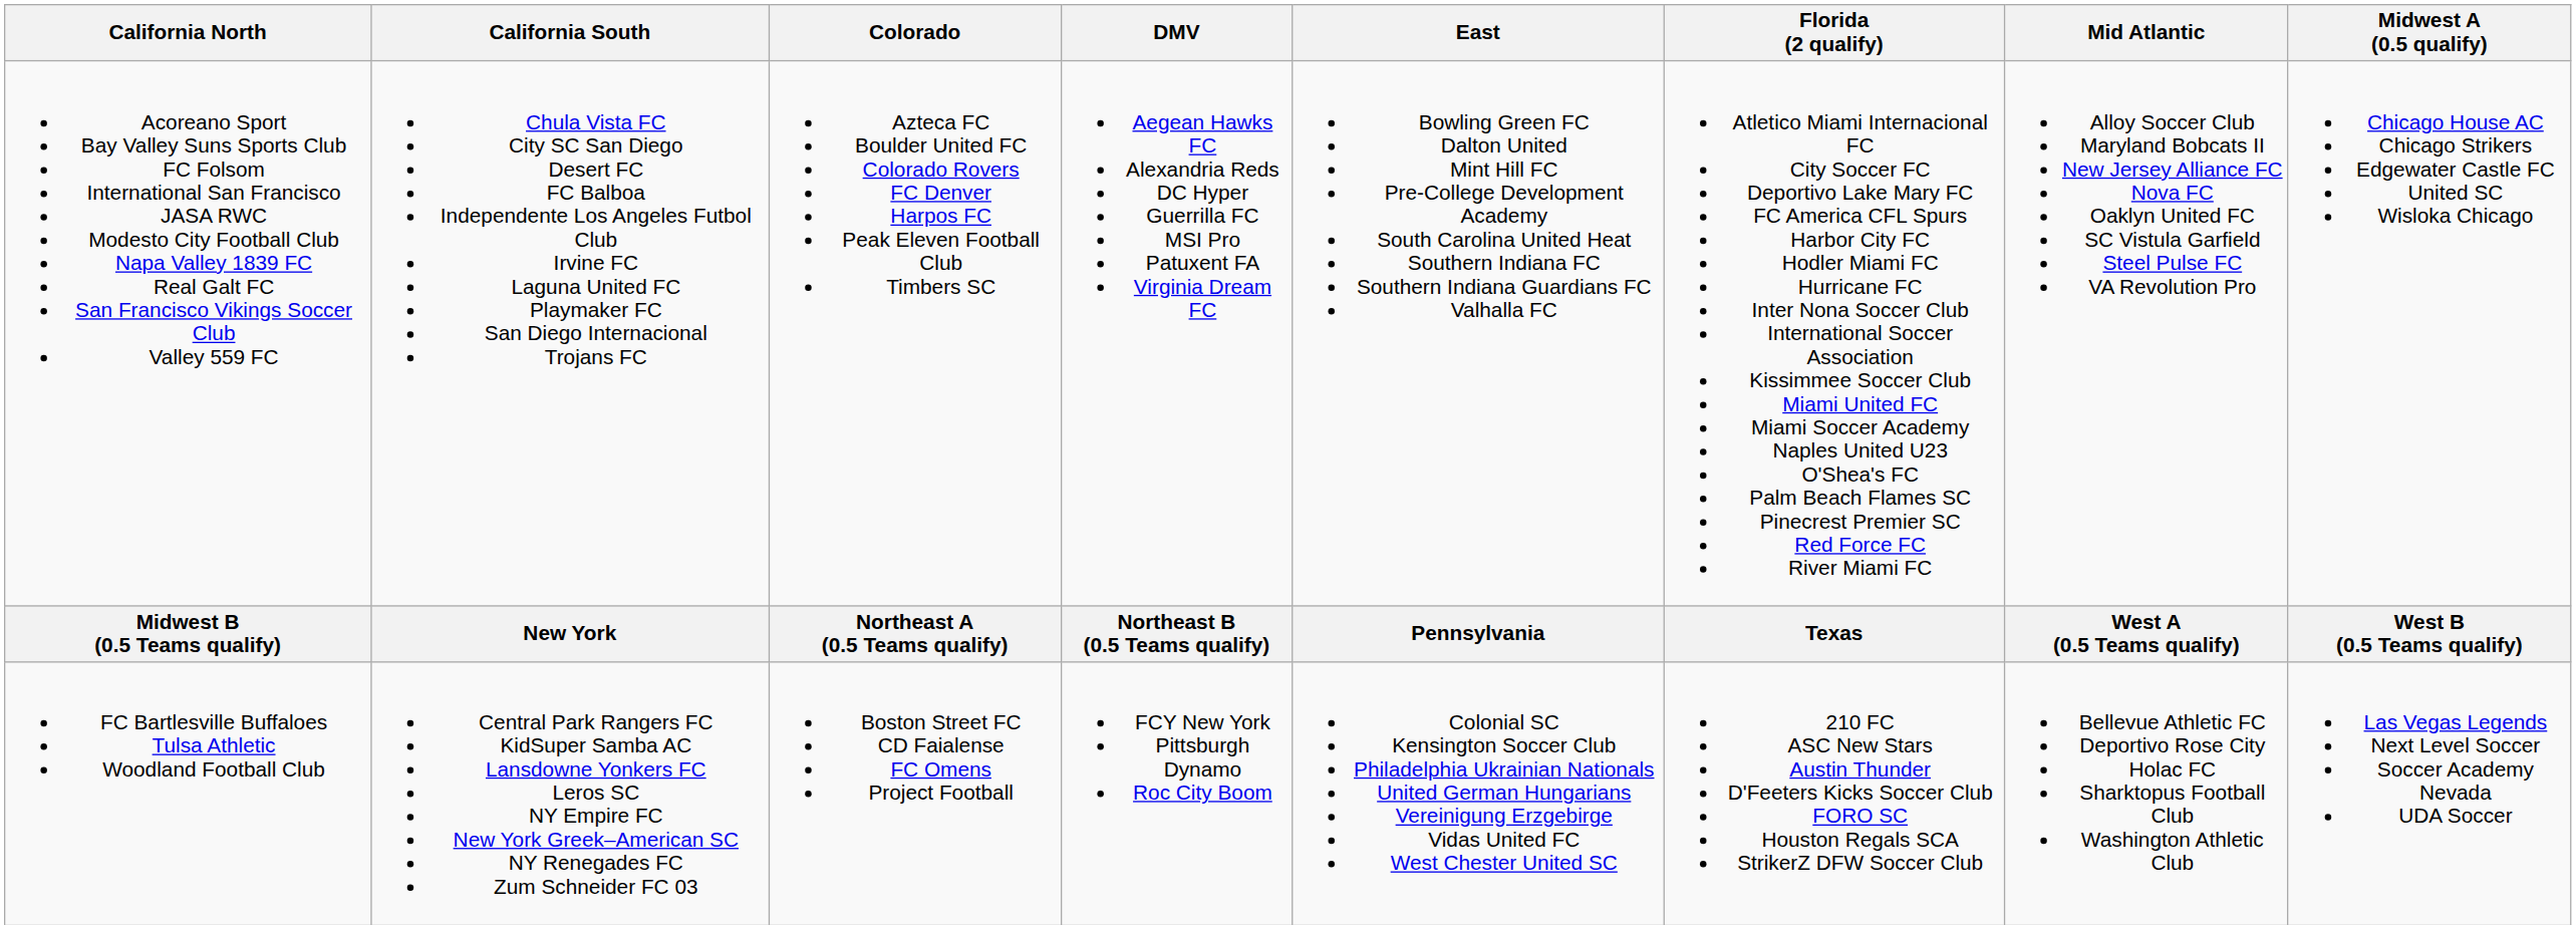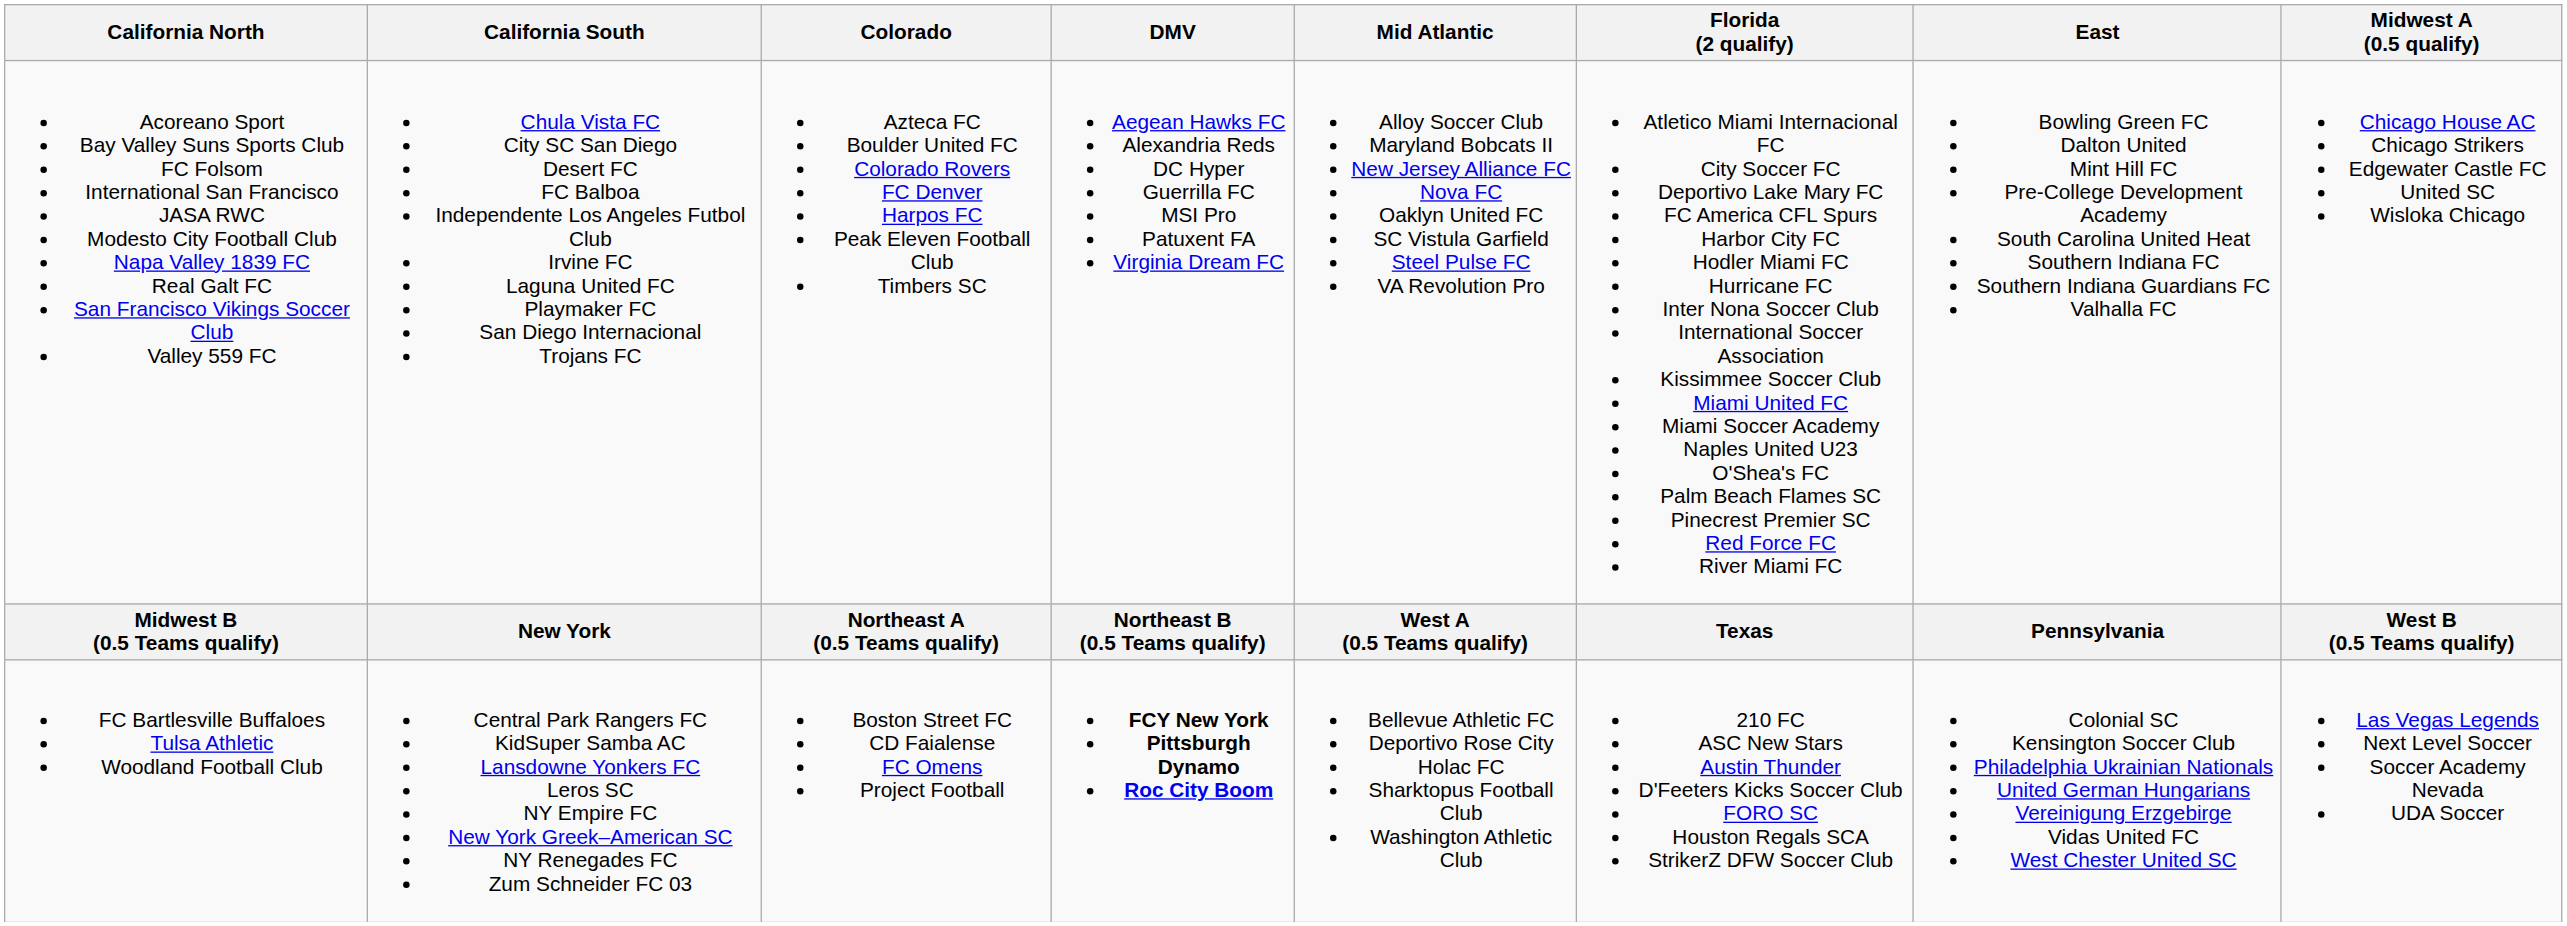 <table class="wikitable" style="text-align:center"">
 <tr>
 <th>California North</th>
 <th>California South</th>
 <th>Colorado</th>
 <th>DMV</th>
+<th>Mid Atlantic</th>
+<th>Florida<br>(2 qualify)</th>
 <th>East</th>
-<th>Florida<br>(2 qualify)</th>
-<th>Mid Atlantic</th>
 <th>Midwest A<br>(0.5 qualify)</th>
 </tr>
 <tr style="vertical-align:top">
 <td><br><ul><li>Acoreano Sport</li><li>Bay Valley Suns Sports Club</li><li>FC Folsom</li><li>International San Francisco</li><li>JASA RWC</li><li>Modesto City Football Club</li><li><a href='#'>Napa Valley 1839 FC</a></li><li>Real Galt FC</li><li><a href='#'>San Francisco Vikings Soccer Club</a></li><li>Valley 559 FC</li></ul></td>
 <td><br><ul><li><a href='#'>Chula Vista FC</a></li><li>City SC San Diego</li><li>Desert FC</li><li>FC Balboa</li><li>Independente Los Angeles Futbol Club</li><li>Irvine FC</li><li>Laguna United FC</li><li>Playmaker FC</li><li>San Diego Internacional</li><li>Trojans FC</li></ul></td>
 <td><br><ul><li>Azteca FC</li><li>Boulder United FC</li><li><a href='#'>Colorado Rovers</a></li><li><a href='#'>FC Denver</a></li><li><a href='#'>Harpos FC</a></li><li>Peak Eleven Football Club</li><li>Timbers SC</li></ul></td>
 <td><br><ul><li><a href='#'>Aegean Hawks FC</a></li><li>Alexandria Reds</li><li>DC Hyper</li><li>Guerrilla FC</li><li>MSI Pro</li><li>Patuxent FA</li><li><a href='#'>Virginia Dream FC</a></li></ul></td>
+<td><br><ul><li>Alloy Soccer Club</li><li>Maryland Bobcats II</li><li><a href='#'>New Jersey Alliance FC</a></li><li><a href='#'>Nova FC</a></li><li>Oaklyn United FC</li><li>SC Vistula Garfield</li><li><a href='#'>Steel Pulse FC</a></li><li>VA Revolution Pro</li></ul></td>
+<td><br><ul><li>Atletico Miami Internacional FC</li><li>City Soccer FC</li><li>Deportivo Lake Mary FC</li><li>FC America CFL Spurs</li><li>Harbor City FC</li><li>Hodler Miami FC</li><li>Hurricane FC</li><li>Inter Nona Soccer Club</li><li>International Soccer Association</li><li>Kissimmee Soccer Club</li><li><a href='#'>Miami United FC</a></li><li>Miami Soccer Academy</li><li>Naples United U23</li><li>O'Shea's FC</li><li>Palm Beach Flames SC</li><li>Pinecrest Premier SC</li><li><a href='#'>Red Force FC</a></li><li>River Miami FC</li></ul></td>
 <td><br><ul><li>Bowling Green FC</li><li>Dalton United</li><li>Mint Hill FC</li><li>Pre-College Development Academy</li><li>South Carolina United Heat</li><li>Southern Indiana FC</li><li>Southern Indiana Guardians FC</li><li>Valhalla FC</li></ul></td>
-<td><br><ul><li>Atletico Miami Internacional FC</li><li>City Soccer FC</li><li>Deportivo Lake Mary FC</li><li>FC America CFL Spurs</li><li>Harbor City FC</li><li>Hodler Miami FC</li><li>Hurricane FC</li><li>Inter Nona Soccer Club</li><li>International Soccer Association</li><li>Kissimmee Soccer Club</li><li><a href='#'>Miami United FC</a></li><li>Miami Soccer Academy</li><li>Naples United U23</li><li>O'Shea's FC</li><li>Palm Beach Flames SC</li><li>Pinecrest Premier SC</li><li><a href='#'>Red Force FC</a></li><li>River Miami FC</li></ul></td>
-<td><br><ul><li>Alloy Soccer Club</li><li>Maryland Bobcats II</li><li><a href='#'>New Jersey Alliance FC</a></li><li><a href='#'>Nova FC</a></li><li>Oaklyn United FC</li><li>SC Vistula Garfield</li><li><a href='#'>Steel Pulse FC</a></li><li>VA Revolution Pro</li></ul></td>
 <td><br><ul><li><a href='#'>Chicago House AC</a></li><li>Chicago Strikers</li><li>Edgewater Castle FC</li><li>United SC</li><li>Wisloka Chicago</li></ul></td>
 </tr>
 <tr>
 <th>Midwest B<br>(0.5 Teams qualify)</th>
 <th>New York</th>
 <th>Northeast A<br>(0.5 Teams qualify)</th>
 <th>Northeast B<br>(0.5 Teams qualify)</th>
+<th>West A<br>(0.5 Teams qualify)</th>
+<th>Texas</th>
 <th>Pennsylvania</th>
-<th>Texas</th>
-<th>West A<br>(0.5 Teams qualify)</th>
 <th>West B<br>(0.5 Teams qualify)</th>
 </tr>
 <tr style="vertical-align:top">
 <td><br><ul><li>FC Bartlesville Buffaloes</li><li><a href='#'>Tulsa Athletic</a></li><li>Woodland Football Club</li></ul></td>
 <td><br><ul><li>Central Park Rangers FC</li><li>KidSuper Samba AC</li><li><a href='#'>Lansdowne Yonkers FC</a></li><li>Leros SC</li><li>NY Empire FC</li><li><a href='#'>New York Greek–American SC</a></li><li>NY Renegades FC</li><li>Zum Schneider FC 03</li></ul></td>
 <td><br><ul><li>Boston Street FC</li><li>CD Faialense</li><li><a href='#'>FC Omens</a></li><li>Project Football</li></ul></td>
-<td><br><ul><li>FCY New York</li><li>Pittsburgh Dynamo</li><li><a href='#'>Roc City Boom</a></li></ul></td>
+<td><strong><br><ul><li>FCY New York</li><li>Pittsburgh Dynamo</li><li><a href='#'>Roc City Boom</a></li></ul></strong></td>
+<td><br><ul><li>Bellevue Athletic FC</li><li>Deportivo Rose City</li><li>Holac FC</li><li>Sharktopus Football Club</li><li>Washington Athletic Club</li></ul></td>
+<td><br><ul><li>210 FC</li><li>ASC New Stars</li><li><a href='#'>Austin Thunder</a></li><li>D'Feeters Kicks Soccer Club</li><li><a href='#'>FORO SC</a></li><li>Houston Regals SCA</li><li>StrikerZ DFW Soccer Club</li></ul></td>
 <td><br><ul><li>Colonial SC</li><li>Kensington Soccer Club</li><li><a href='#'>Philadelphia Ukrainian Nationals</a></li><li><a href='#'>United German Hungarians</a></li><li><a href='#'>Vereinigung Erzgebirge</a></li><li>Vidas United FC</li><li><a href='#'>West Chester United SC</a></li></ul></td>
-<td><br><ul><li>210 FC</li><li>ASC New Stars</li><li><a href='#'>Austin Thunder</a></li><li>D'Feeters Kicks Soccer Club</li><li><a href='#'>FORO SC</a></li><li>Houston Regals SCA</li><li>StrikerZ DFW Soccer Club</li></ul></td>
-<td><br><ul><li>Bellevue Athletic FC</li><li>Deportivo Rose City</li><li>Holac FC</li><li>Sharktopus Football Club</li><li>Washington Athletic Club</li></ul></td>
 <td><br><ul><li><a href='#'>Las Vegas Legends</a></li><li>Next Level Soccer</li><li>Soccer Academy Nevada</li><li>UDA Soccer</li></ul></td>
 </tr>
 </table>
